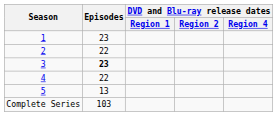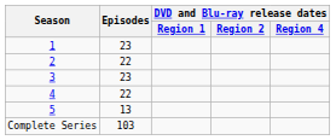 <table class="wikitable plainrowheaders" style="text-align: center;">
 <tr>
 <th scope="col" rowspan="2">Season</th>
 <th scope="col" rowspan="2">Episodes</th>
 <th scope="col" colspan="4"><a href='#'>DVD</a> and <a href='#'>Blu-ray</a> release dates</th>
 </tr>
 <tr>
 <th scope="col"><a href='#'>Region 1</a></th>
 <th scope="col"><a href='#'>Region 2</a></th>
 <th scope="col"><a href='#'>Region 4</a></th>
 </tr>
 <tr>
 <td scope="row"><a href='#'>1</a></td>
 <td>23</td>
 <td></td>
 <td></td>
 <td></td>
 </tr>
 <tr>
 <td scope="row"><a href='#'>2</a></td>
 <td>22</td>
 <td></td>
 <td></td>
 <td></td>
 </tr>
 <tr>
 <td scope="row"><a href='#'>3</a></td>
-<td><strong>23</strong></td>
+<td>23</td>
 <td></td>
 <td></td>
 <td></td>
 </tr>
 <tr>
 <td scope="row"><a href='#'>4</a></td>
 <td>22</td>
 <td></td>
 <td></td>
 <td></td>
 </tr>
 <tr>
 <td scope="row"><a href='#'>5</a></td>
 <td>13</td>
 <td></td>
 <td></td>
 <td></td>
 </tr>
 <tr>
 <td scope="row">Complete Series</td>
 <td>103</td>
 <td></td>
 <td></td>
 <td></td>
 </tr>
 </table>
